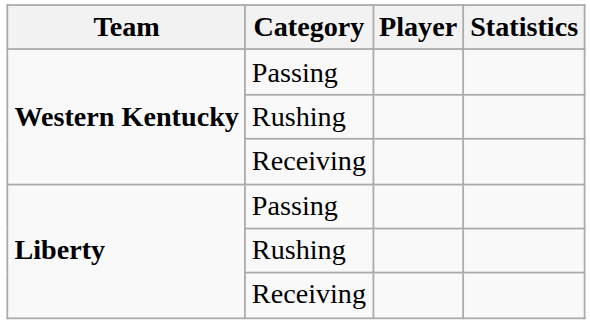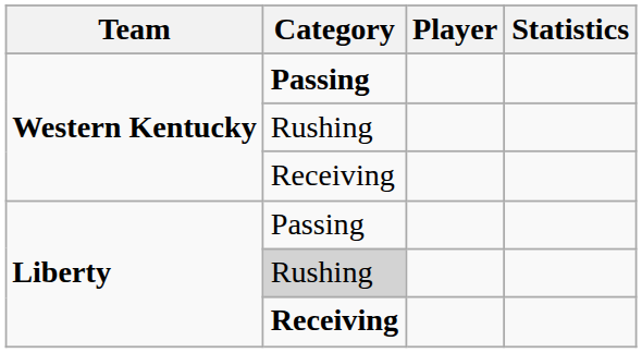 <table class="wikitable" style="float: right;">
 <tr>
 <th>Team</th>
 <th>Category</th>
 <th>Player</th>
 <th>Statistics</th>
 </tr>
 <tr>
 <td rowspan=3><strong>Western Kentucky</strong></td>
-<td>Passing</td>
+<td><strong>Passing</strong></td>
 <td></td>
 <td></td>
 </tr>
 <tr>
 <td>Rushing</td>
 <td></td>
 <td></td>
 </tr>
 <tr>
 <td>Receiving</td>
 <td></td>
 <td></td>
 </tr>
 <tr>
 <td rowspan=3><strong>Liberty</strong></td>
 <td>Passing</td>
 <td></td>
 <td></td>
 </tr>
 <tr>
-<td>Rushing</td>
+<td style="background: lightgrey;">Rushing</td>
 <td></td>
 <td></td>
 </tr>
 <tr>
-<td>Receiving</td>
+<td><strong>Receiving</strong></td>
 <td></td>
 <td></td>
 </tr>
 </table>
